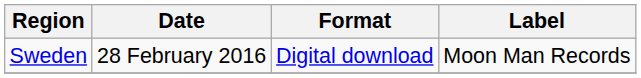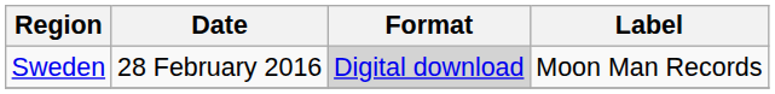 <table class=wikitable>
 <tr>
 <th>Region</th>
 <th>Date</th>
 <th>Format</th>
 <th>Label</th>
 </tr>
 <tr>
 <td><a href='#'>Sweden</a></td>
 <td>28 February 2016</td>
-<td><a href='#'>Digital download</a></td>
+<td style="background: lightgrey;"><a href='#'>Digital download</a></td>
 <td>Moon Man Records</td>
 </tr>
 <tr>
 </tr>
 </table>
